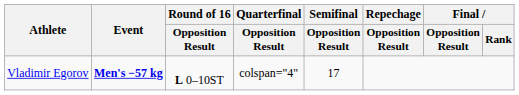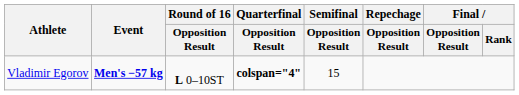 <table class="wikitable" style="font-size:90%">
 <tr>
 <th rowspan=2>Athlete</th>
 <th rowspan=2>Event</th>
 <th>Round of 16</th>
 <th>Quarterfinal</th>
 <th>Semifinal</th>
 <th>Repechage</th>
 <th colspan=2>Final / </th>
 </tr>
 <tr style="font-size: 95%">
 <th>Opposition<br>Result</th>
 <th>Opposition<br>Result</th>
 <th>Opposition<br>Result</th>
 <th>Opposition<br>Result</th>
 <th>Opposition<br>Result</th>
 <th>Rank</th>
 </tr>
 <tr align=center>
 <td align=left><a href='#'>Vladimir Egorov</a></td>
 <td align=left><strong><a href='#'>Men's −57 kg</a></strong></td>
 <td><br><strong>L</strong> 0–10ST</td>
-<td>colspan="4" </td>
-<td align=center>17</td>
+<td><strong>colspan="4" </strong></td>
+<td align=center>15</td>
 </tr>
 </table>
